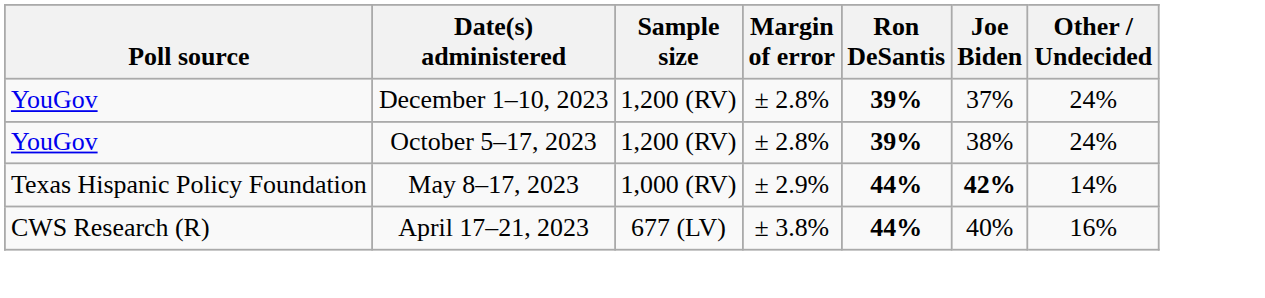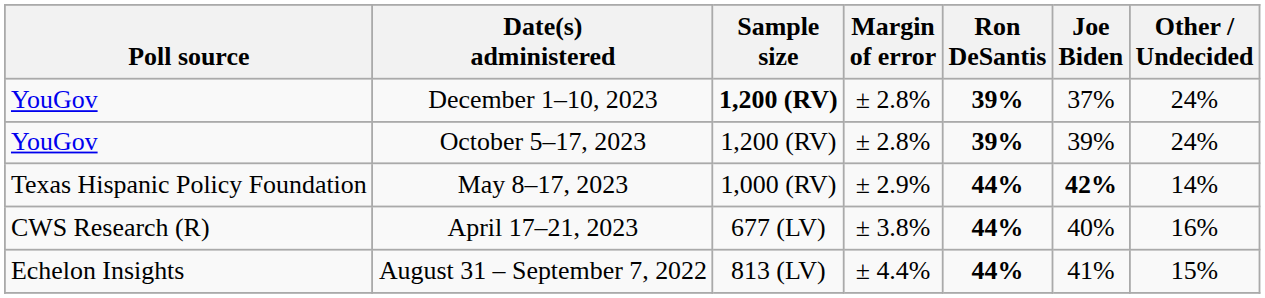 <table class="wikitable sortable mw-datatable" style="font-size:90%;text-align:center;line-height:17px">
 <tr style="vertical-align:bottom">
 <th>Poll source</th>
 <th>Date(s)<br>administered</th>
 <th>Sample<br>size</th>
 <th>Margin<br>of error</th>
 <th class="unsortable">Ron<br>DeSantis<br></th>
 <th class="unsortable">Joe<br>Biden<br></th>
 <th class="unsortable">Other /<br>Undecided</th>
 </tr>
 <tr>
 <td style="text-align:left;"><a href='#'>YouGov</a></td>
 <td data-sort-value="2023-05-17">December 1–10, 2023</td>
-<td>1,200 (RV)</td>
+<td><strong>1,200 (RV)</strong></td>
 <td>± 2.8%</td>
 <td style="background-color:"><strong>39%</strong></td>
 <td>37%</td>
 <td>24%</td>
 </tr>
 <tr>
 <td style="text-align:left;"><a href='#'>YouGov</a></td>
 <td data-sort-value="2023-05-17">October 5–17, 2023</td>
 <td>1,200 (RV)</td>
 <td>± 2.8%</td>
 <td style="background-color:"><strong>39%</strong></td>
-<td>38%</td>
+<td>39%</td>
 <td>24%</td>
 </tr>
 <tr>
 <td style="text-align:left;">Texas Hispanic Policy Foundation</td>
 <td data-sort-value="2023-05-17">May 8–17, 2023</td>
 <td>1,000 (RV)</td>
 <td>± 2.9%</td>
 <td style="background-color:"><strong>44%</strong></td>
 <td><strong>42%</strong></td>
 <td>14%</td>
 </tr>
 <tr>
 <td style="text-align:left;">CWS Research (R)</td>
 <td data-sort-value="2023-04-21">April 17–21, 2023</td>
 <td>677 (LV)</td>
 <td>± 3.8%</td>
 <td style="background-color:"><strong>44%</strong></td>
 <td>40%</td>
 <td>16%</td>
 </tr>
+<tr>
+<td style="text-align:left;">Echelon Insights</td>
+<td data-sort-value="2022-09-07">August 31 – September 7, 2022</td>
+<td>813 (LV)</td>
+<td>± 4.4%</td>
+<td style="background-color:"><strong>44%</strong></td>
+<td>41%</td>
+<td>15%</td>
+</tr>
 </table>
